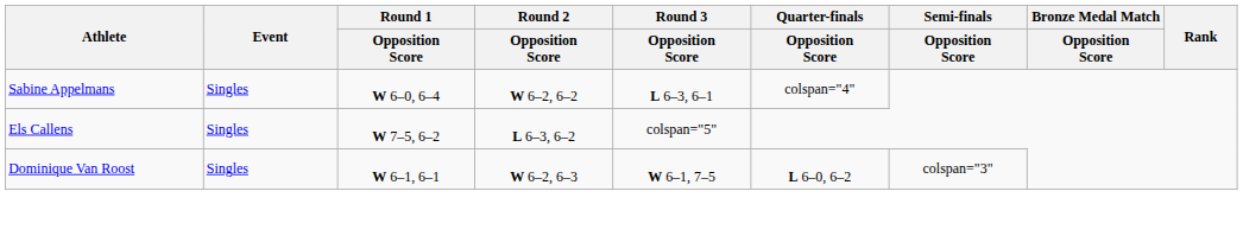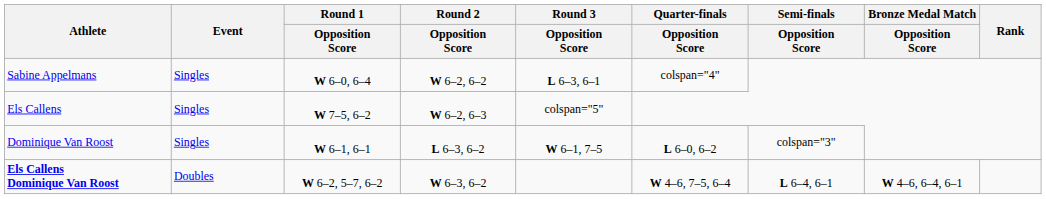 <table class=wikitable style="font-size:90%; text-align:center">
 <tr>
 <th style="width:15em" rowspan="2">Athlete</th>
 <th style="width:10em" rowspan="2">Event</th>
 <th style="width:10em">Round 1</th>
 <th style="width:10em">Round 2</th>
 <th style="width:10em">Round 3</th>
 <th style="width:10em">Quarter-finals</th>
 <th style="width:10em">Semi-finals</th>
 <th style="width:10em">Bronze Medal Match</th>
 <th style="width:5em" rowspan="2">Rank</th>
 </tr>
 <tr>
 <th>Opposition<br>Score</th>
 <th>Opposition<br>Score</th>
 <th>Opposition<br>Score</th>
 <th>Opposition<br>Score</th>
 <th>Opposition<br>Score</th>
 <th>Opposition<br>Score</th>
 </tr>
 <tr>
 <td align=left><a href='#'>Sabine Appelmans</a></td>
 <td align=left><a href='#'>Singles</a></td>
 <td> <br><strong>W</strong> 6–0, 6–4</td>
 <td> <br><strong>W</strong> 6–2, 6–2</td>
 <td> <br><strong>L</strong> 6–3, 6–1</td>
 <td>colspan="4" </td>
 </tr>
 <tr>
 <td align=left><a href='#'>Els Callens</a></td>
 <td align=left><a href='#'>Singles</a></td>
 <td> <br><strong>W</strong> 7–5, 6–2</td>
-<td> <br> <strong>L</strong> 6–3, 6–2</td>
+<td> <br> <strong>W</strong> 6–2, 6–3</td>
 <td>colspan="5" </td>
 </tr>
 <tr>
 <td align=left><a href='#'>Dominique Van Roost</a></td>
 <td align=left><a href='#'>Singles</a></td>
 <td> <br><strong>W</strong> 6–1, 6–1</td>
-<td> <br> <strong>W</strong> 6–2, 6–3</td>
+<td> <br> <strong>L</strong> 6–3, 6–2</td>
 <td> <br> <strong>W</strong> 6–1, 7–5</td>
 <td> <br> <strong>L</strong> 6–0, 6–2</td>
 <td>colspan="3" </td>
 </tr>
+<tr>
+<td align=left><strong><a href='#'>Els Callens</a><br><a href='#'>Dominique Van Roost</a></strong></td>
+<td align=left><a href='#'>Doubles</a></td>
+<td> <br><strong>W</strong> 6–2, 5–7, 6–2</td>
+<td> <br><strong>W</strong> 6–3, 6–2</td>
+<td></td>
+<td> <br><strong>W</strong> 4–6, 7–5, 6–4</td>
+<td> <br><strong>L</strong> 6–4, 6–1</td>
+<td> <br><strong>W</strong> 4–6, 6–4, 6–1</td>
+<td></td>
+</tr>
 </table>
